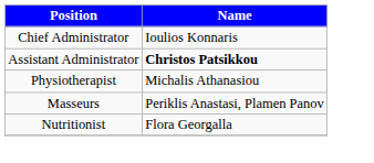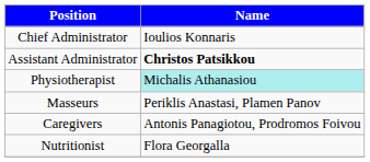 <table class="wikitable plainrowheaders sortable">
 <tr>
 <th style="background:#0000FF; color:#FFFFFF; ">Position</th>
 <th style="background:#0000FF; color:#FFFFFF; ">Name</th>
 </tr>
 <tr>
 <td align=center>Chief Administrator</td>
 <td align=left> Ioulios Konnaris</td>
 </tr>
 <tr>
 <td align=center>Assistant Administrator</td>
 <td align=left><strong> Christos Patsikkou</strong></td>
 </tr>
 <tr>
 <td align=center>Physiotherapist</td>
-<td align=left> Michalis Athanasiou</td>
+<td align=left style="background: paleturquoise;"> Michalis Athanasiou</td>
 </tr>
 <tr>
 <td align=center>Masseurs</td>
 <td align=left> Periklis Anastasi,  Plamen Panov</td>
+</tr>
+<tr>
+<td align=center>Caregivers</td>
+<td align=left> Antonis Panagiotou,  Prodromos Foivou</td>
 </tr>
 <tr>
 <td align=center>Nutritionist</td>
 <td align=left> Flora Georgalla</td>
 </tr>
 <tr>
 </tr>
 </table>
